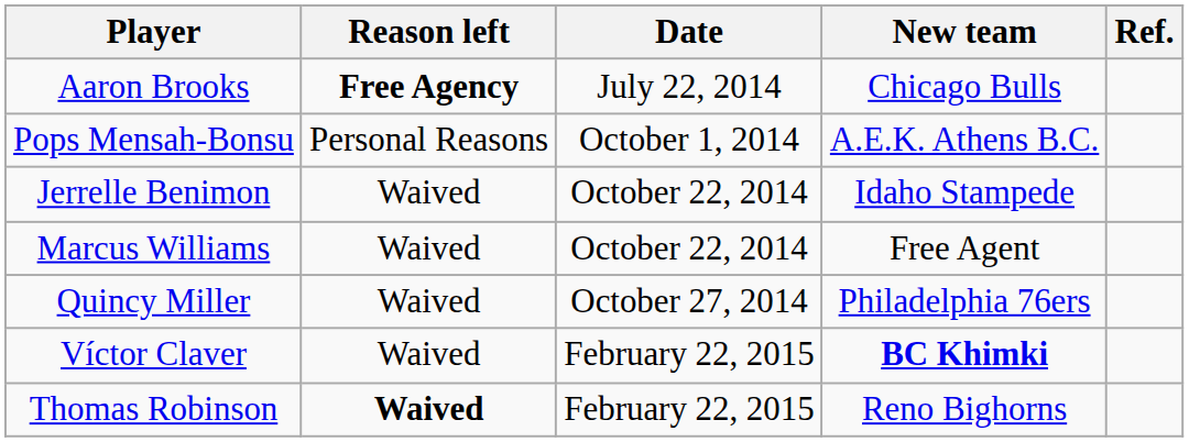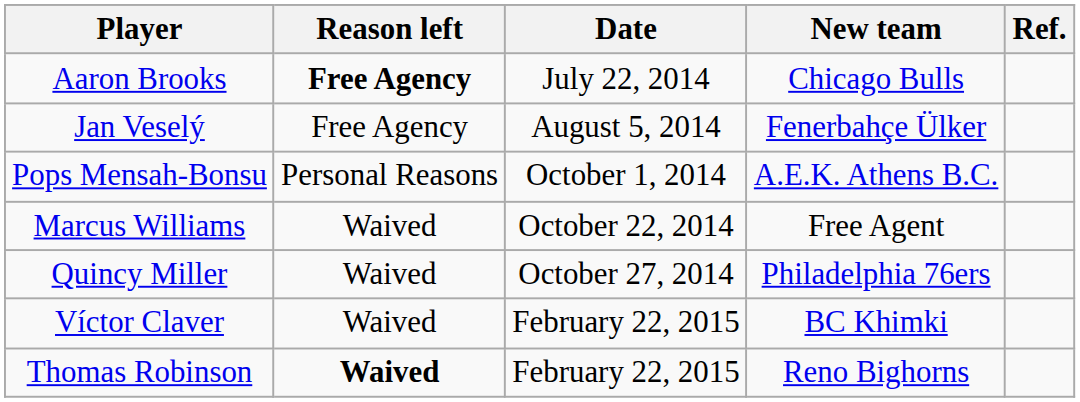 <table class="wikitable sortable sortable" style="text-align: center">
 <tr>
 <th>Player</th>
 <th>Reason left</th>
 <th>Date</th>
 <th>New team</th>
 <th>Ref.</th>
 </tr>
 <tr>
 <td><a href='#'>Aaron Brooks</a></td>
 <td><strong>Free Agency</strong></td>
 <td>July 22, 2014</td>
 <td><a href='#'>Chicago Bulls</a></td>
 <td></td>
 </tr>
 <tr>
+<td><a href='#'>Jan Veselý</a></td>
+<td>Free Agency</td>
+<td>August 5, 2014</td>
+<td><a href='#'>Fenerbahçe Ülker</a></td>
+<td></td>
+</tr>
+<tr>
 <td><a href='#'>Pops Mensah-Bonsu</a></td>
 <td>Personal Reasons</td>
 <td>October 1, 2014</td>
 <td><a href='#'>A.E.K. Athens B.C.</a></td>
-<td></td>
-</tr>
-<tr>
-<td><a href='#'>Jerrelle Benimon</a></td>
-<td>Waived</td>
-<td>October 22, 2014</td>
-<td><a href='#'>Idaho Stampede</a></td>
 <td></td>
 </tr>
 <tr>
 <td><a href='#'>Marcus Williams</a></td>
 <td>Waived</td>
 <td>October 22, 2014</td>
 <td>Free Agent</td>
 <td></td>
 </tr>
 <tr>
 <td><a href='#'>Quincy Miller</a></td>
 <td>Waived</td>
 <td>October 27, 2014</td>
 <td><a href='#'>Philadelphia 76ers</a></td>
 <td></td>
 </tr>
 <tr>
 <td><a href='#'>Víctor Claver</a></td>
 <td>Waived</td>
 <td>February 22, 2015</td>
-<td><strong><a href='#'>BC Khimki</a></strong></td>
+<td><a href='#'>BC Khimki</a></td>
 <td></td>
 </tr>
 <tr>
 <td><a href='#'>Thomas Robinson</a></td>
 <td><strong>Waived</strong></td>
 <td>February 22, 2015</td>
 <td><a href='#'>Reno Bighorns</a></td>
 <td></td>
 </tr>
 </table>
